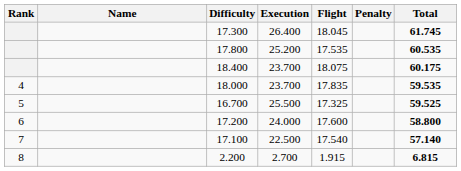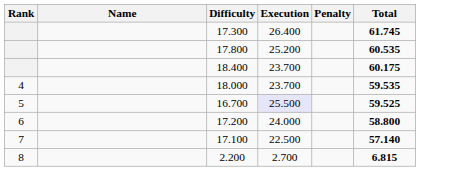 <table class="wikitable sortable" style="text-align:center">
 <tr>
 <th width=40>Rank</th>
 <th width=230>Name</th>
 <th width=50>Difficulty</th>
 <th width=50>Execution</th>
-<th width=50>Flight</th>
 <th width=50>Penalty</th>
 <th width=80>Total</th>
 </tr>
 <tr>
 <th></th>
 <td align=left></td>
 <td>17.300</td>
 <td>26.400</td>
-<td>18.045</td>
 <td></td>
 <td><strong>61.745</strong></td>
 </tr>
 <tr>
 <th></th>
 <td align=left></td>
 <td>17.800</td>
 <td>25.200</td>
-<td>17.535</td>
 <td></td>
 <td><strong>60.535</strong></td>
 </tr>
 <tr>
 <th></th>
 <td align=left></td>
 <td>18.400</td>
 <td>23.700</td>
-<td>18.075</td>
 <td></td>
 <td><strong>60.175</strong></td>
 </tr>
 <tr>
 <td>4</td>
 <td align=left></td>
 <td>18.000</td>
 <td>23.700</td>
-<td>17.835</td>
 <td></td>
 <td><strong>59.535</strong></td>
 </tr>
 <tr>
 <td>5</td>
 <td align=left></td>
 <td>16.700</td>
-<td>25.500</td>
-<td>17.325</td>
+<td style="background: lavender;">25.500</td>
 <td></td>
 <td><strong>59.525</strong></td>
 </tr>
 <tr>
 <td>6</td>
 <td align=left></td>
 <td>17.200</td>
 <td>24.000</td>
-<td>17.600</td>
 <td></td>
 <td><strong>58.800</strong></td>
 </tr>
 <tr>
 <td>7</td>
 <td align=left></td>
 <td>17.100</td>
 <td>22.500</td>
-<td>17.540</td>
 <td></td>
 <td><strong>57.140</strong></td>
 </tr>
 <tr>
 <td>8</td>
 <td align=left></td>
 <td>2.200</td>
 <td>2.700</td>
-<td>1.915</td>
 <td></td>
 <td><strong>6.815</strong></td>
 </tr>
 </table>
